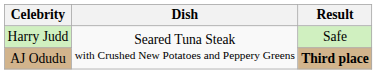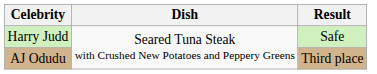 <table class="wikitable" style="text-align:center;">
 <tr>
 <th>Celebrity</th>
 <th>Dish</th>
 <th>Result</th>
 </tr>
 <tr>
 <td style="background:#d0f0c0;">Harry Judd</td>
 <td rowspan="2">Seared Tuna Steak<br><small>with Crushed New Potatoes and Peppery Greens</small></td>
 <td style="background:#d0f0c0;">Safe</td>
 </tr>
 <tr>
 <td style="background:tan;">AJ Odudu</td>
-<td style="background:tan;"><strong>Third place</strong></td>
+<td style="background:tan;">Third place</td>
 </tr>
 </table>
